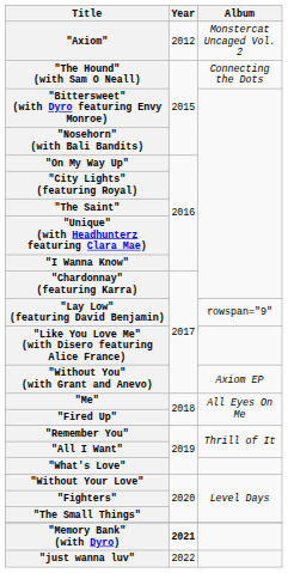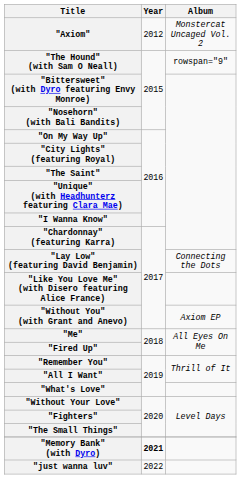 <table class="wikitable plainrowheaders" style="text-align:center;">
 <tr>
 <th scope="col" style="width:16em;">Title</th>
 <th scope="col" style="width:2em;">Year</th>
 <th scope="col" style="width:8em;">Album</th>
 </tr>
 <tr>
 <th scope="row">"Axiom"</th>
 <td>2012</td>
 <td><em>Monstercat Uncaged Vol. 2</em></td>
 </tr>
 <tr>
 <th scope="row">"The Hound" <br><span>(with Sam O Neall)</span></th>
 <td rowspan="3">2015</td>
-<td><em>Connecting the Dots</em></td>
+<td>rowspan="9" </td>
 </tr>
 <tr>
 <th scope="row">"Bittersweet" <br><span>(with <a href='#'>Dyro</a> featuring Envy Monroe)</span></th>
 </tr>
 <tr>
 <th scope="row">"Nosehorn" <br><span>(with Bali Bandits)</span></th>
 </tr>
 <tr>
 <th scope="row">"On My Way Up"</th>
 <td rowspan="5">2016</td>
 </tr>
 <tr>
 <th scope="row">"City Lights" <br><span>(featuring Royal)</span></th>
 </tr>
 <tr>
 <th scope="row">"The Saint"</th>
 </tr>
 <tr>
 <th scope="row">"Unique" <br><span>(with <a href='#'>Headhunterz</a> featuring <a href='#'>Clara Mae</a>)</span></th>
 </tr>
 <tr>
 <th scope="row">"I Wanna Know"</th>
 </tr>
 <tr>
 <th scope="row">"Chardonnay" <br><span>(featuring Karra)</span></th>
 <td rowspan="4">2017</td>
 </tr>
 <tr>
 <th scope="row">"Lay Low" <br><span>(featuring David Benjamin)</span></th>
-<td>rowspan="9" </td>
+<td><em>Connecting the Dots</em></td>
 </tr>
 <tr>
 <th scope="row">"Like You Love Me" <br><span>(with Disero featuring Alice France)</span></th>
 <td></td>
 </tr>
 <tr>
 <th scope="row">"Without You" <br><span>(with Grant and Anevo)</span></th>
 <td><em>Axiom EP</em></td>
 </tr>
 <tr>
 <th scope="row">"Me"</th>
 <td rowspan="2">2018</td>
 <td rowspan="2"><em>All Eyes On Me</em></td>
 </tr>
 <tr>
 <th scope="row">"Fired Up"</th>
 </tr>
 <tr>
 <th scope="row">"Remember You"</th>
 <td rowspan="3">2019</td>
 <td rowspan="2"><em>Thrill of It</em></td>
 </tr>
 <tr>
 <th scope="row">"All I Want"</th>
 </tr>
 <tr>
 <th scope="row">"What's Love"</th>
 <td></td>
 </tr>
 <tr>
 <th scope="row">"Without Your Love"</th>
 <td rowspan="3">2020</td>
 <td rowspan="3"><em>Level Days</em></td>
 </tr>
 <tr>
 <th scope="row">"Fighters"</th>
 </tr>
 <tr>
 <th scope="row">"The Small Things"</th>
 </tr>
 <tr scope="row" |"Therapy">
 </tr>
 <tr>
 <th scope="row">"Memory Bank" <br><span>(with <a href='#'>Dyro</a>)</span></th>
 <td><strong>2021</strong></td>
 <td></td>
 </tr>
 <tr>
 <th scope="row">"just wanna luv"</th>
 <td>2022</td>
 <td></td>
 </tr>
 </table>
